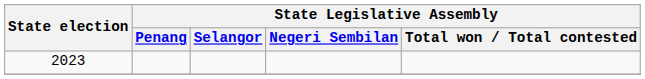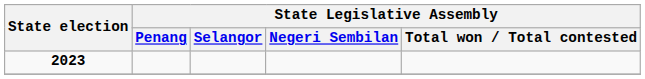 <table class="wikitable sortable" style="text-align:center; font-size:95%">
 <tr>
 <th rowspan=2>State election</th>
 <th colspan=14>State Legislative Assembly</th>
 </tr>
 <tr>
 <th><a href='#'>Penang</a></th>
 <th><a href='#'>Selangor</a></th>
 <th><a href='#'>Negeri Sembilan</a></th>
 <th>Total won / Total contested</th>
 </tr>
 <tr>
-<td>2023</td>
+<td><strong>2023</strong></td>
 <td></td>
 <td></td>
 <td></td>
 <td></td>
 </tr>
 <tr>
 </tr>
 </table>
